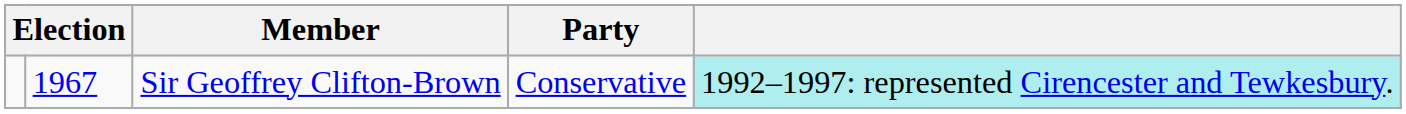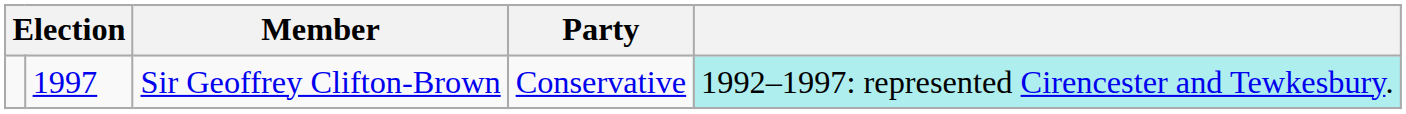 <table class="wikitable">
 <tr>
 <th colspan="2">Election</th>
 <th>Member</th>
 <th>Party</th>
 <th></th>
 </tr>
 <tr>
 <td style="color:inherit;background-color: "></td>
-<td><a href='#'>1967</a></td>
+<td><a href='#'>1997</a></td>
 <td><a href='#'>Sir Geoffrey Clifton-Brown</a></td>
 <td><a href='#'>Conservative</a></td>
 <td style="background: paleturquoise;">1992–1997: represented <a href='#'>Cirencester and Tewkesbury</a>.</td>
 </tr>
 </table>
